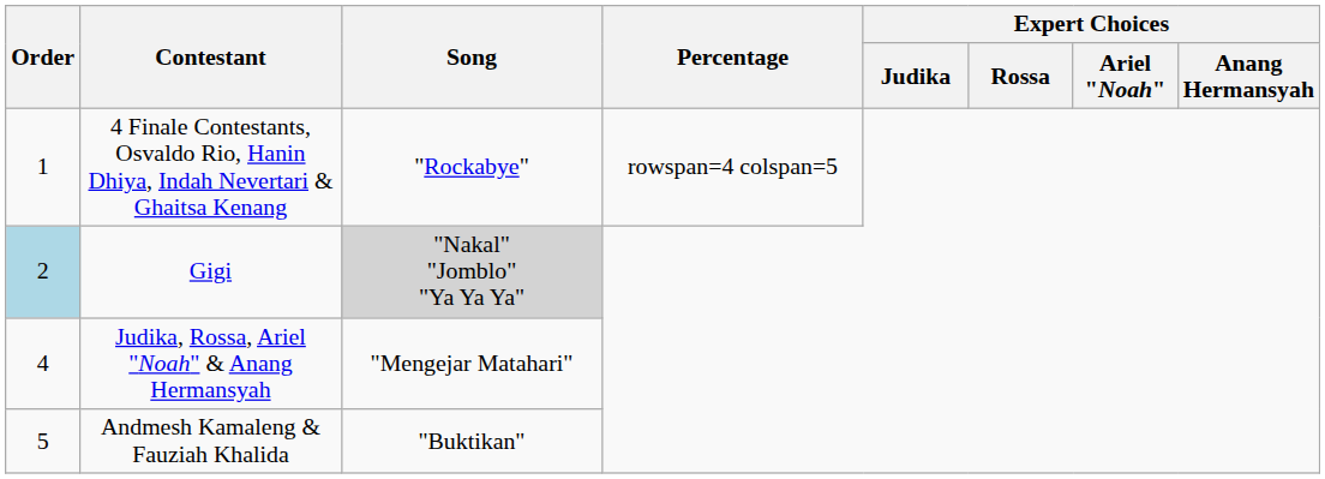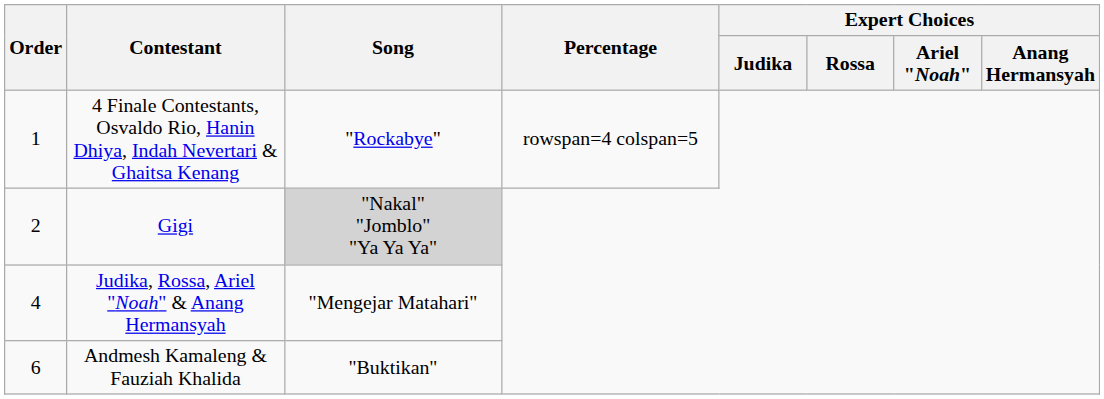 <table class="wikitable" style="text-align:center; width:100%;">
 <tr>
 <th scope="col" rowspan="2" style="width:05%;">Order</th>
 <th scope="col" rowspan="2" style="width:20%;">Contestant</th>
 <th scope="col" rowspan="2" style="width:20%;">Song</th>
 <th scope="col" rowspan="2" style="width:20%;">Percentage</th>
 <th scope="col" colspan="4" style="width:32%;">Expert Choices</th>
 </tr>
 <tr>
 <th style="width:08%;">Judika</th>
 <th style="width:08%;">Rossa</th>
 <th style="width:08%;">Ariel "<em>Noah</em>"</th>
 <th style="width:08%;">Anang Hermansyah</th>
 </tr>
 <tr>
 <td>1</td>
 <td>4 Finale Contestants, Osvaldo Rio, <a href='#'>Hanin Dhiya</a>, <a href='#'>Indah Nevertari</a> & <a href='#'>Ghaitsa Kenang</a></td>
 <td>"<a href='#'>Rockabye</a>"</td>
 <td>rowspan=4 colspan=5 </td>
 </tr>
 <tr>
-<td style="background: lightblue;">2</td>
+<td>2</td>
 <td><a href='#'>Gigi</a></td>
 <td style="background: lightgrey;">"Nakal"<br>"Jomblo"<br>"Ya Ya Ya"</td>
 </tr>
 <tr>
 <td>4</td>
 <td><a href='#'>Judika</a>, <a href='#'>Rossa</a>, <a href='#'>Ariel "<em>Noah</em>"</a> & <a href='#'>Anang Hermansyah</a></td>
 <td>"Mengejar Matahari"</td>
 </tr>
 <tr>
-<td>5</td>
+<td>6</td>
 <td>Andmesh Kamaleng & Fauziah Khalida</td>
 <td>"Buktikan"</td>
 </tr>
 </table>
